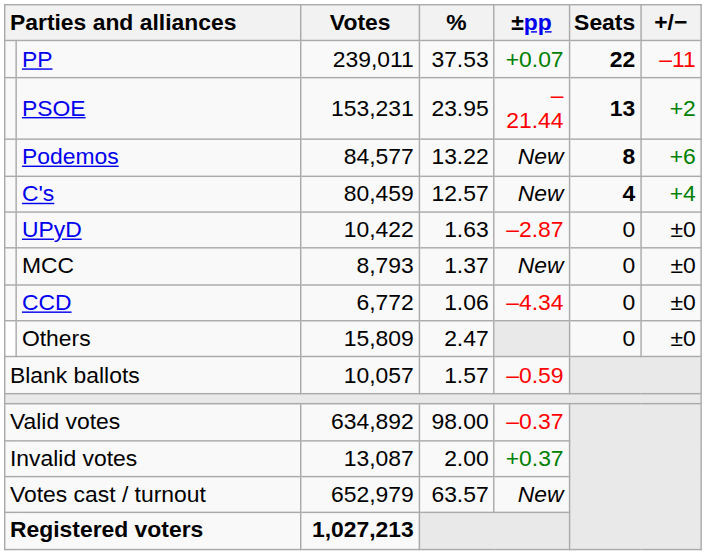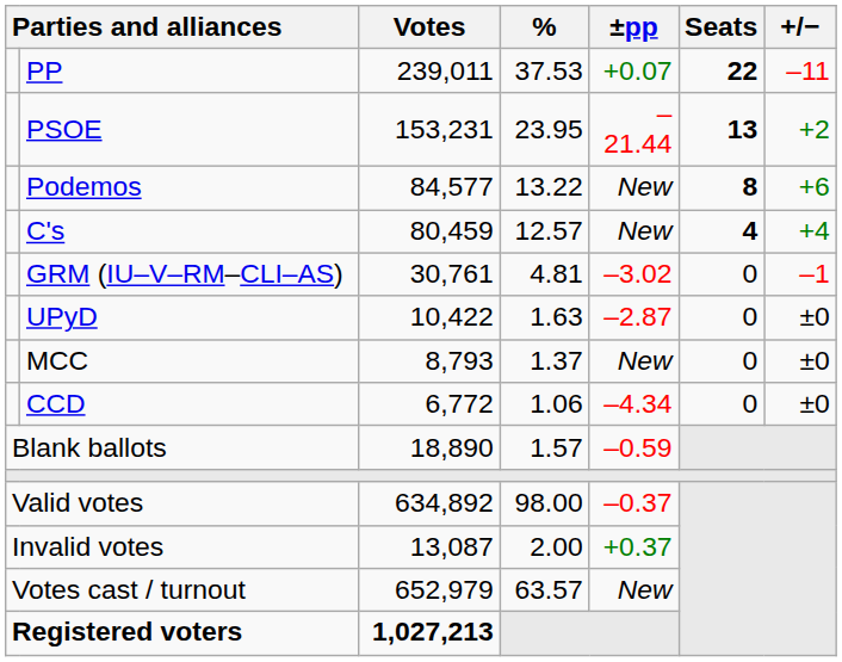 <table class="wikitable" style="text-align:right;">
 <tr>
 <th style="text-align:left;" colspan="2" width="200">Parties and alliances</th>
 <th width="75">Votes</th>
 <th width="45">%</th>
 <th width="45">±<a href='#'>pp</a></th>
 <th width="35">Seats</th>
 <th width="35">+/−</th>
 </tr>
 <tr>
 <td width="1" style="color:inherit;background:"></td>
 <td align="left"><a href='#'>PP</a></td>
 <td>239,011</td>
 <td>37.53</td>
 <td style="color:green;">+0.07</td>
 <td><strong>22</strong></td>
 <td style="color:red;">–11</td>
 </tr>
 <tr>
 <td style="color:inherit;background:"></td>
 <td align="left"><a href='#'>PSOE</a></td>
 <td>153,231</td>
 <td>23.95</td>
 <td style="color:red;">–21.44</td>
 <td><strong>13</strong></td>
 <td style="color:green;">+2</td>
 </tr>
 <tr>
 <td style="color:inherit;background:"></td>
 <td align="left"><a href='#'>Podemos</a></td>
 <td>84,577</td>
 <td>13.22</td>
 <td><em>New</em></td>
 <td><strong>8</strong></td>
 <td style="color:green;">+6</td>
 </tr>
 <tr>
 <td style="color:inherit;background:"></td>
 <td align="left"><a href='#'>C's</a></td>
 <td>80,459</td>
 <td>12.57</td>
 <td><em>New</em></td>
 <td><strong>4</strong></td>
 <td style="color:green;">+4</td>
 </tr>
 <tr>
 <td style="color:inherit;background:"></td>
+<td align="left"><a href='#'>GRM</a> (<a href='#'>IU–V–RM</a>–<a href='#'>CLI–AS</a>)</td>
+<td>30,761</td>
+<td>4.81</td>
+<td style="color:red;">–3.02</td>
+<td>0</td>
+<td style="color:red;">–1</td>
+</tr>
+<tr>
+<td style="color:inherit;background:"></td>
 <td align="left"><a href='#'>UPyD</a></td>
 <td>10,422</td>
 <td>1.63</td>
 <td style="color:red;">–2.87</td>
 <td>0</td>
 <td>±0</td>
 </tr>
 <tr>
 <td style="color:inherit;background:"></td>
 <td align="left">MCC</td>
 <td>8,793</td>
 <td>1.37</td>
 <td><em>New</em></td>
 <td>0</td>
 <td>±0</td>
 </tr>
 <tr>
 <td style="color:inherit;background:"></td>
 <td align="left"><a href='#'>CCD</a></td>
 <td>6,772</td>
 <td>1.06</td>
 <td style="color:red;">–4.34</td>
 <td>0</td>
 <td>±0</td>
 </tr>
 <tr>
-<td bgcolor="white"></td>
-<td align="left">Others</td>
-<td>15,809</td>
-<td>2.47</td>
-<td bgcolor="#E9E9E9"></td>
-<td>0</td>
-<td>±0</td>
-</tr>
-<tr>
 <td align="left" colspan="2">Blank ballots</td>
-<td>10,057</td>
+<td>18,890</td>
 <td>1.57</td>
 <td style="color:red;">–0.59</td>
 <td bgcolor="#E9E9E9" colspan="2"></td>
 </tr>
 <tr>
 <td colspan="7" bgcolor="#E9E9E9"></td>
 </tr>
 <tr>
 <td align="left" colspan="2">Valid votes</td>
 <td>634,892</td>
 <td>98.00</td>
 <td style="color:red;">–0.37</td>
 <td bgcolor="#E9E9E9" colspan="2" rowspan="4"></td>
 </tr>
 <tr>
 <td align="left" colspan="2">Invalid votes</td>
 <td>13,087</td>
 <td>2.00</td>
 <td style="color:green;">+0.37</td>
 </tr>
 <tr>
 <td align="left" colspan="2">Votes cast / turnout</td>
 <td>652,979</td>
 <td>63.57</td>
 <td><em>New</em></td>
 </tr>
 <tr style="font-weight:bold;">
 <td align="left" colspan="2">Registered voters</td>
 <td>1,027,213</td>
 <td bgcolor="#E9E9E9" colspan="2"></td>
 </tr>
 </table>
